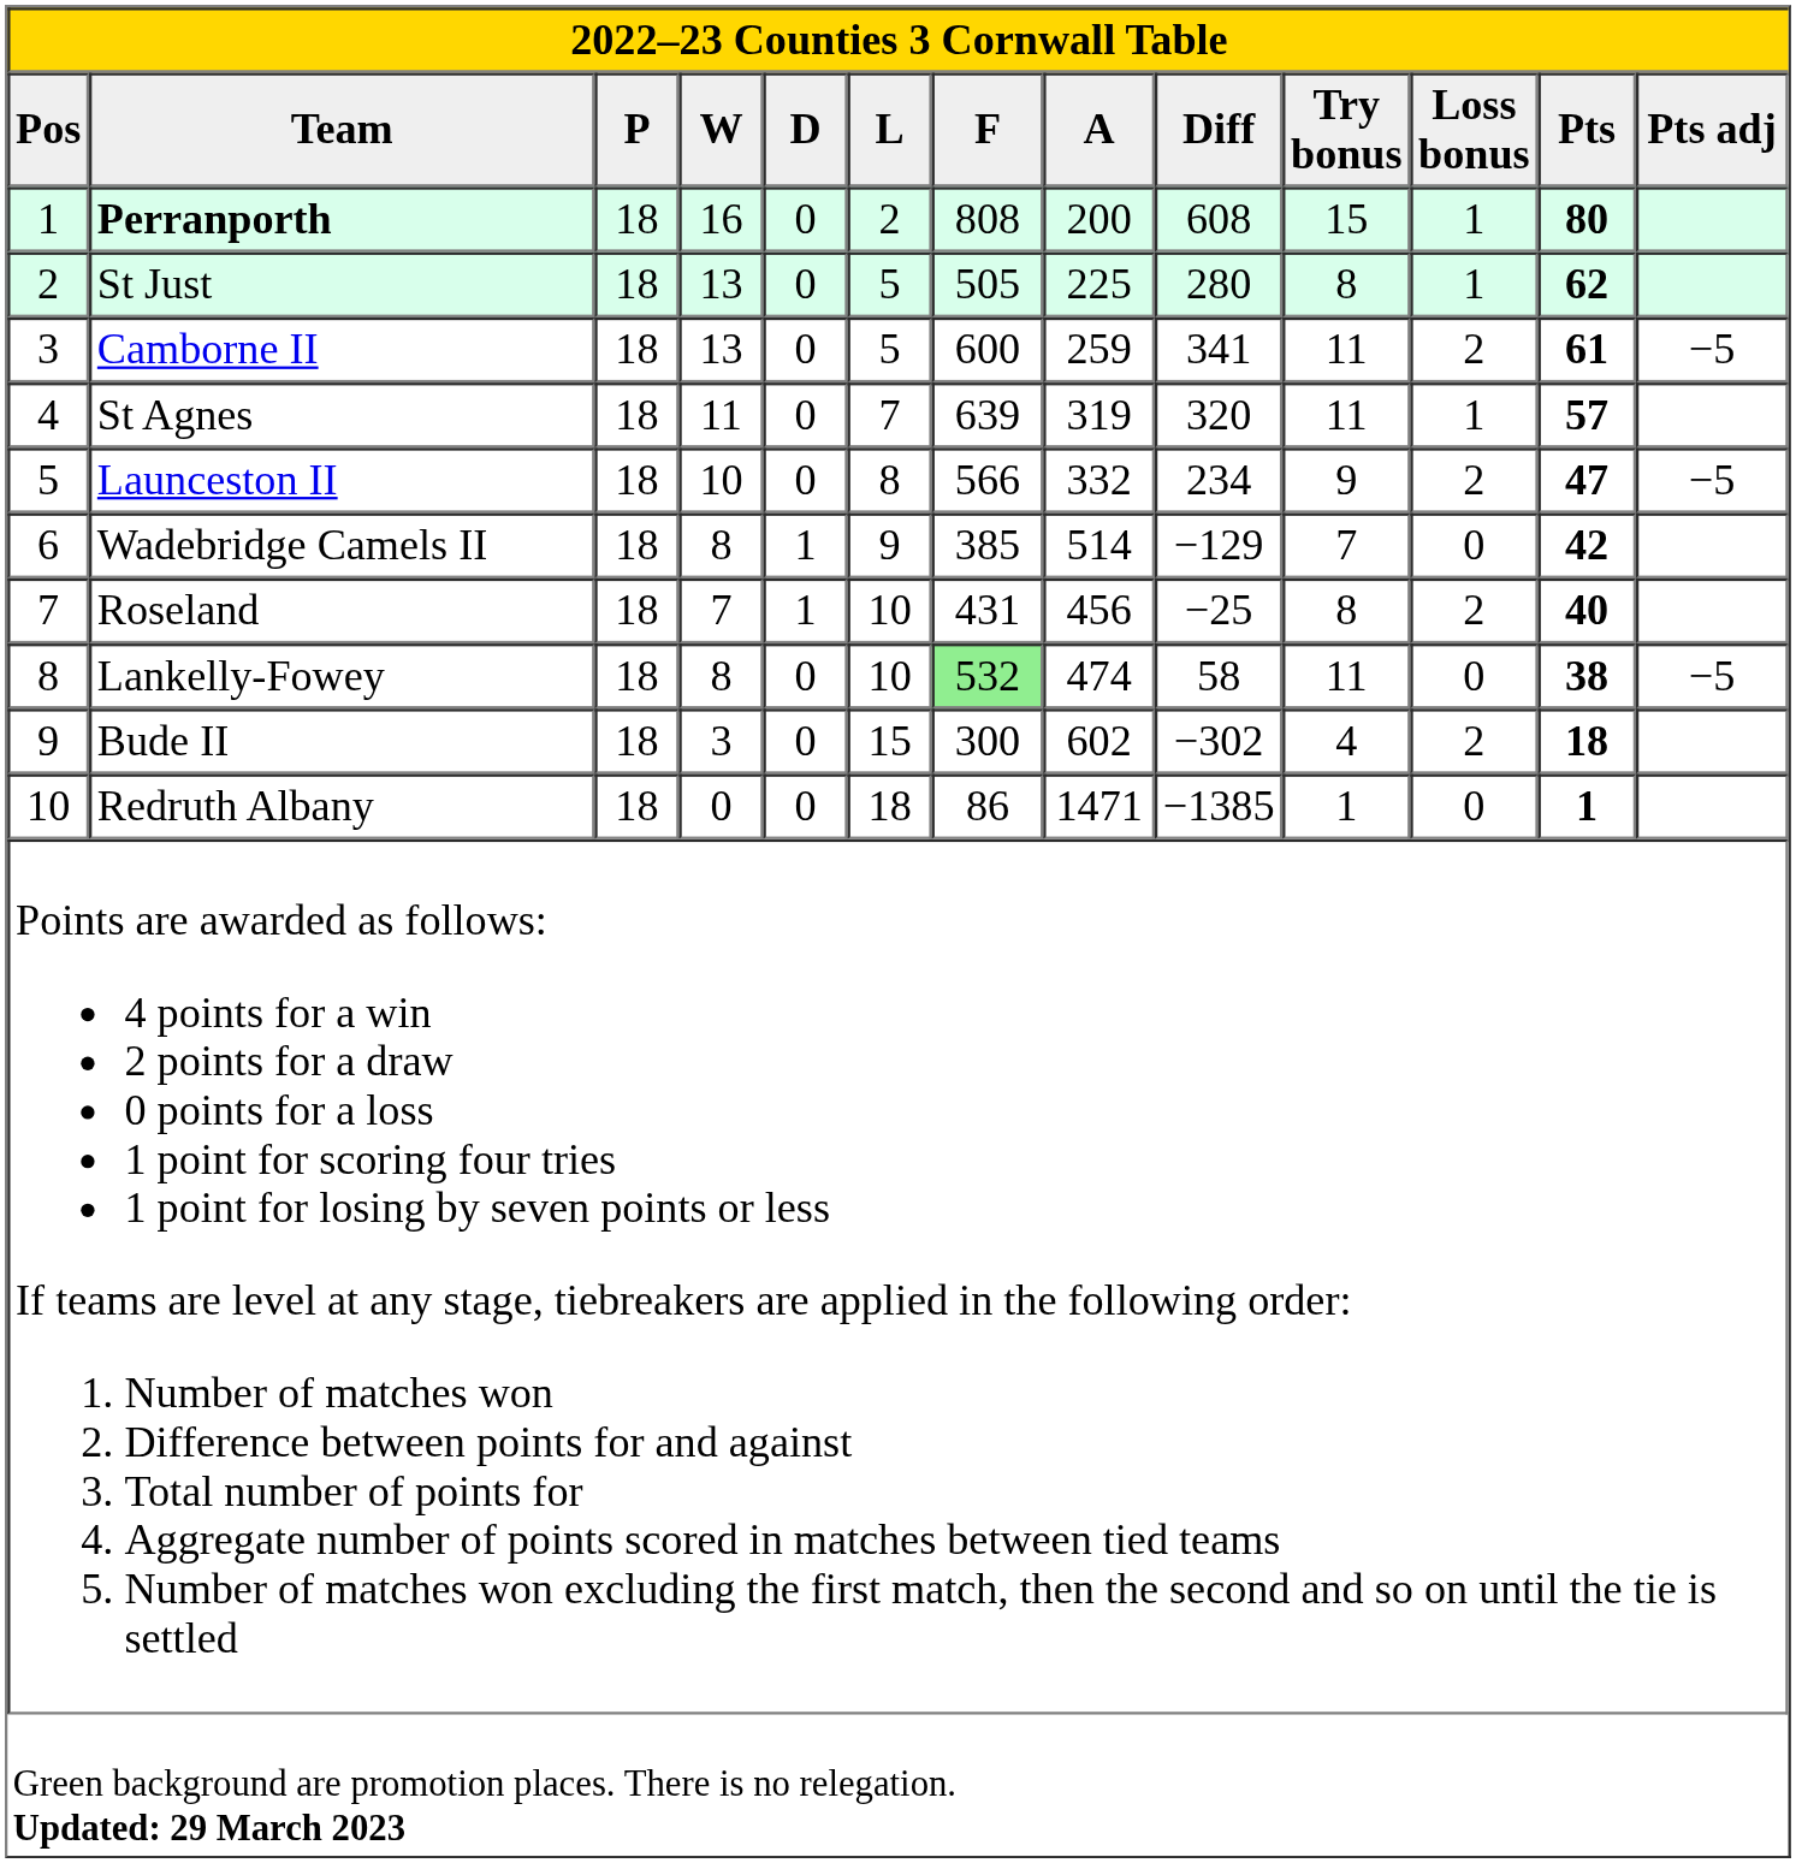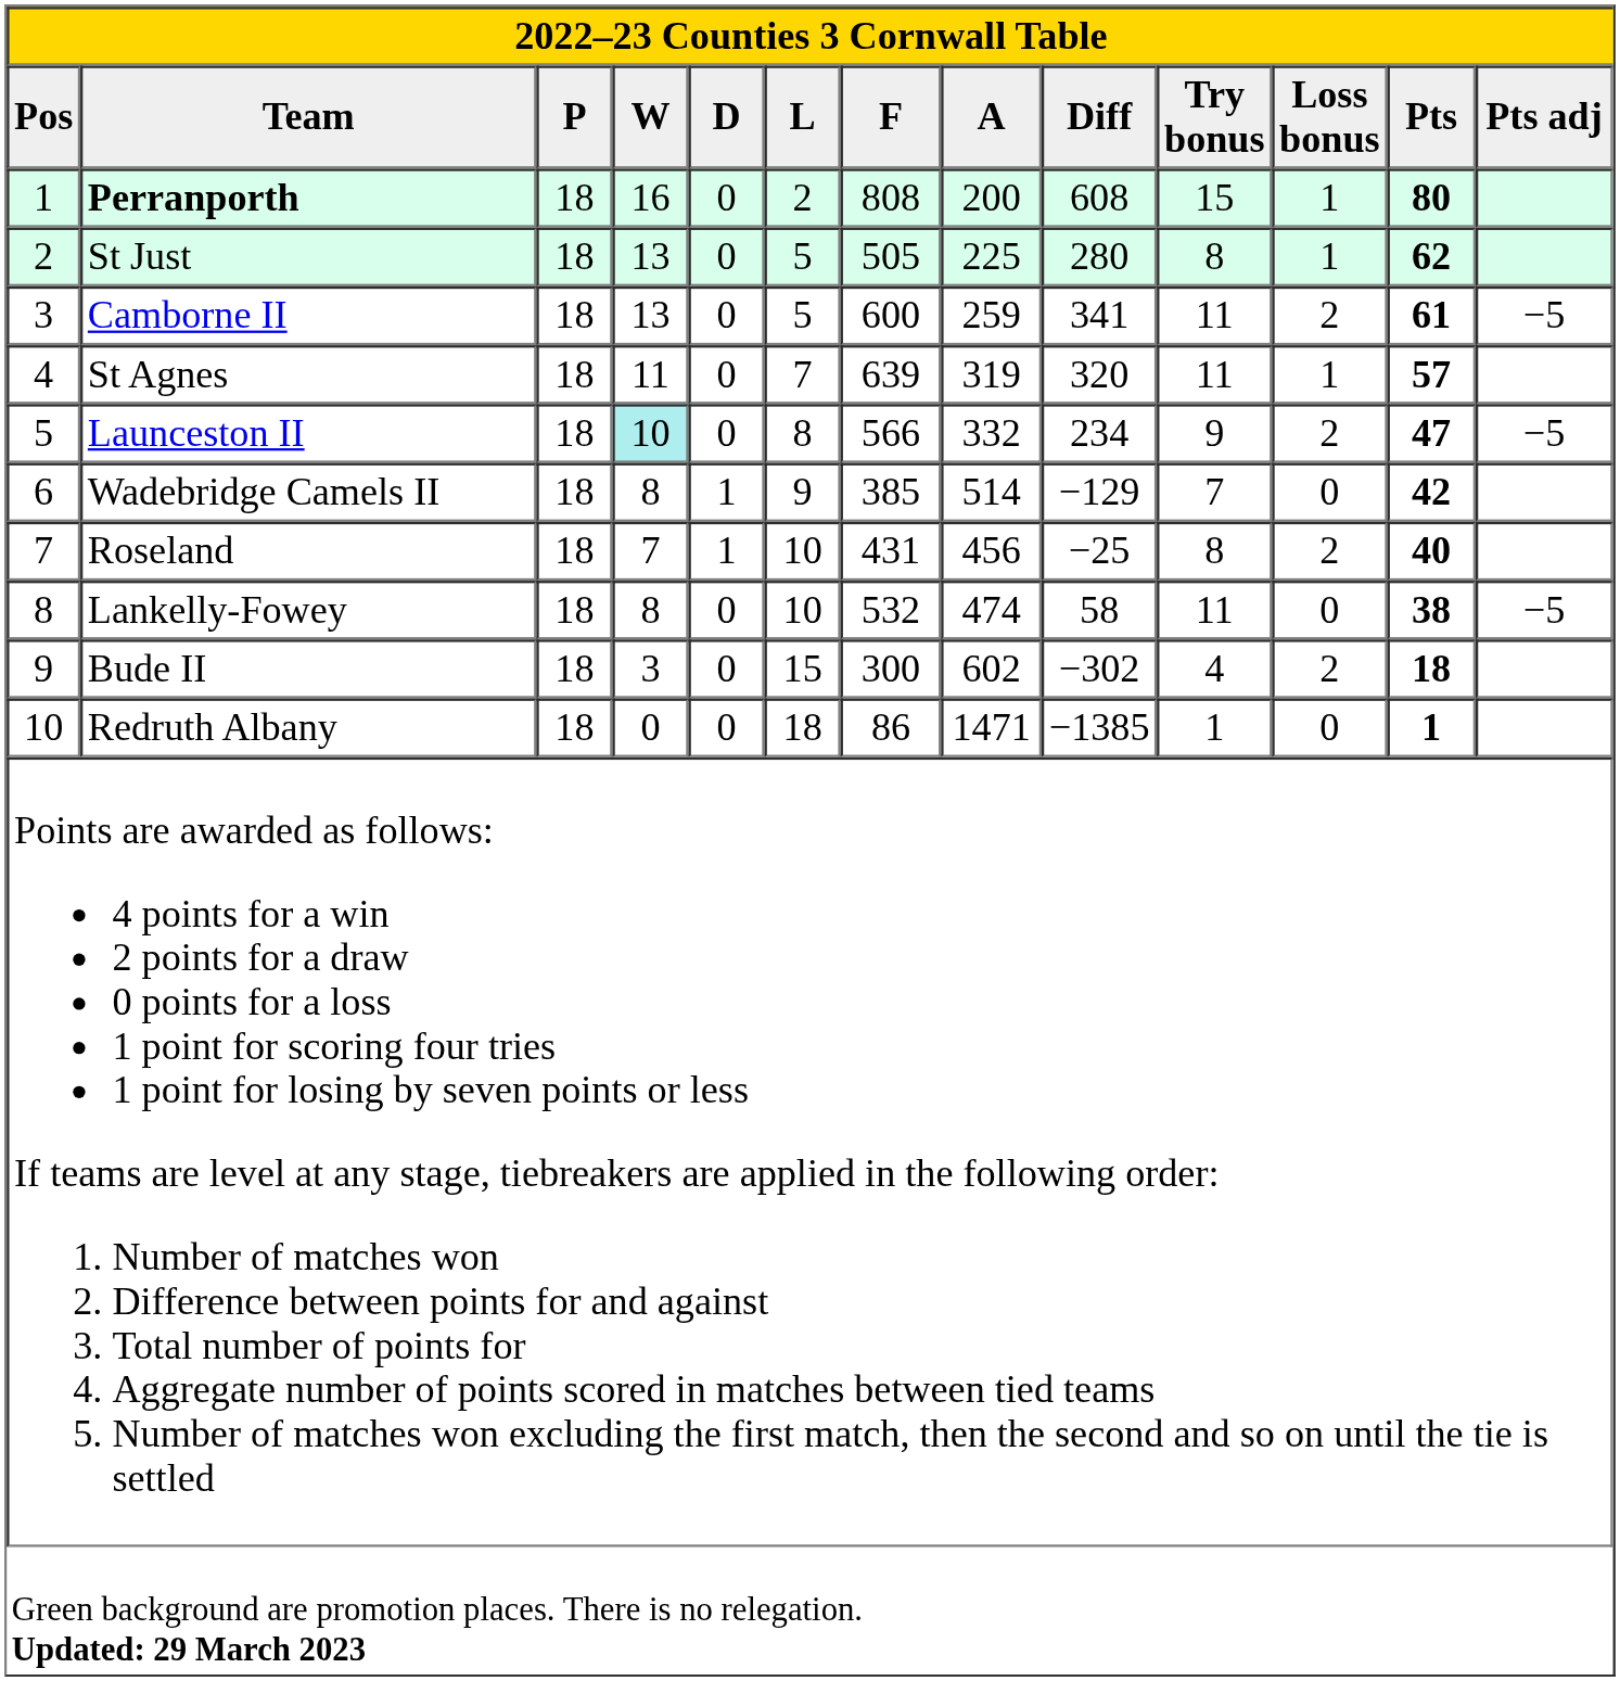 <table border="1" cellpadding="2" cellspacing="0">
 <tr bgcolor="gold">
 <th colspan=13 style="border-right:0px;";>2022–23 Counties 3 Cornwall Table</th>
 </tr>
 <tr bgcolor="#efefef">
 <th width="20">Pos</th>
 <th width="180">Team</th>
 <th width="25">P</th>
 <th width="25">W</th>
 <th width="25">D</th>
 <th width="25">L</th>
 <th width="35">F</th>
 <th width="35">A</th>
 <th width="35">Diff</th>
 <th width="35">Try bonus</th>
 <th width="35">Loss bonus</th>
 <th width="30">Pts</th>
 <th width="50">Pts adj</th>
 </tr>
 <tr bgcolor=#d8ffeb align=center>
 <td>1</td>
 <td align=left><strong>Perranporth</strong></td>
 <td>18</td>
 <td>16</td>
 <td>0</td>
 <td>2</td>
 <td>808</td>
 <td>200</td>
 <td>608</td>
 <td>15</td>
 <td>1</td>
 <td><strong>80</strong></td>
 <td></td>
 </tr>
 <tr bgcolor=#d8ffeb align=center align=center>
 <td>2</td>
 <td align=left>St Just</td>
 <td>18</td>
 <td>13</td>
 <td>0</td>
 <td>5</td>
 <td>505</td>
 <td>225</td>
 <td>280</td>
 <td>8</td>
 <td>1</td>
 <td><strong>62</strong></td>
 <td></td>
 </tr>
 <tr align=center>
 <td>3</td>
 <td align=left><a href='#'>Camborne II</a></td>
 <td>18</td>
 <td>13</td>
 <td>0</td>
 <td>5</td>
 <td>600</td>
 <td>259</td>
 <td>341</td>
 <td>11</td>
 <td>2</td>
 <td><strong>61</strong></td>
 <td>−5</td>
 </tr>
 <tr align=center>
 <td>4</td>
 <td align=left>St Agnes</td>
 <td>18</td>
 <td>11</td>
 <td>0</td>
 <td>7</td>
 <td>639</td>
 <td>319</td>
 <td>320</td>
 <td>11</td>
 <td>1</td>
 <td><strong>57</strong></td>
 <td></td>
 </tr>
 <tr align=center>
 <td>5</td>
 <td align=left><a href='#'>Launceston II</a></td>
 <td>18</td>
-<td>10</td>
+<td style="background: paleturquoise;">10</td>
 <td>0</td>
 <td>8</td>
 <td>566</td>
 <td>332</td>
 <td>234</td>
 <td>9</td>
 <td>2</td>
 <td><strong>47</strong></td>
 <td>−5</td>
 </tr>
 <tr align=center>
 <td>6</td>
 <td align=left>Wadebridge Camels II</td>
 <td>18</td>
 <td>8</td>
 <td>1</td>
 <td>9</td>
 <td>385</td>
 <td>514</td>
 <td>−129</td>
 <td>7</td>
 <td>0</td>
 <td><strong>42</strong></td>
 <td></td>
 </tr>
 <tr align=center>
 <td>7</td>
 <td align=left>Roseland</td>
 <td>18</td>
 <td>7</td>
 <td>1</td>
 <td>10</td>
 <td>431</td>
 <td>456</td>
 <td>−25</td>
 <td>8</td>
 <td>2</td>
 <td><strong>40</strong></td>
 <td></td>
 </tr>
 <tr align=center>
 <td>8</td>
 <td align=left>Lankelly-Fowey</td>
 <td>18</td>
 <td>8</td>
 <td>0</td>
 <td>10</td>
-<td style="background: lightgreen;">532</td>
+<td>532</td>
 <td>474</td>
 <td>58</td>
 <td>11</td>
 <td>0</td>
 <td><strong>38</strong></td>
 <td>−5</td>
 </tr>
 <tr align=center>
 <td>9</td>
 <td align=left>Bude II</td>
 <td>18</td>
 <td>3</td>
 <td>0</td>
 <td>15</td>
 <td>300</td>
 <td>602</td>
 <td>−302</td>
 <td>4</td>
 <td>2</td>
 <td><strong>18</strong></td>
 <td></td>
 </tr>
 <tr align=center>
 <td>10</td>
 <td align=left>Redruth Albany</td>
 <td>18</td>
 <td>0</td>
 <td>0</td>
 <td>18</td>
 <td>86</td>
 <td>1471</td>
 <td>−1385</td>
 <td>1</td>
 <td>0</td>
 <td><strong>1</strong></td>
 <td></td>
 </tr>
 <tr>
 </tr>
 <tr bgcolor=#ffffff>
 <td colspan="13"><br>Points are awarded as follows:<ul><li>4 points for a win</li><li>2 points for a draw</li><li>0 points for a loss</li><li>1 point for scoring four tries</li><li>1 point for losing by seven points or less</li></ul>If teams are level at any stage, tiebreakers are applied in the following order:<ol><li>Number of matches won</li><li>Difference between points for and against</li><li>Total number of points for</li><li>Aggregate number of points scored in matches between tied teams</li><li>Number of matches won excluding the first match, then the second and so on until the tie is settled</li></ol></td>
 </tr>
 <tr |align=left|>
 <td colspan="15" style="border:0px;font-size:85%;"><br><span>Green background</span> are promotion places. There is no relegation. <br> <strong>Updated: 29 March 2023</strong></td>
 </tr>
 </table>
